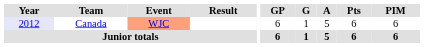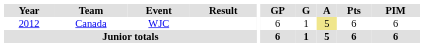 <table border="0" cellpadding="1" cellspacing="0" ID="Table3" style="text-align:center; width:40em">
 <tr ALIGN="center" bgcolor="#e0e0e0">
 <th>Year</th>
 <th>Team</th>
 <th>Event</th>
 <th>Result</th>
 <th rowspan="100" bgcolor="#ffffff"></th>
 <th>GP</th>
 <th>G</th>
 <th>A</th>
 <th>Pts</th>
 <th>PIM</th>
 </tr>
 <tr style="text-align:center;">
-<td style="background: lavender;"><a href='#'>2012</a></td>
+<td><a href='#'>2012</a></td>
 <td><a href='#'>Canada</a></td>
-<td style="background: lightsalmon;"><a href='#'>WJC</a></td>
+<td><a href='#'>WJC</a></td>
 <td></td>
 <td>6</td>
 <td>1</td>
-<td>5</td>
+<td style="background: khaki;">5</td>
 <td>6</td>
 <td>6</td>
 </tr>
 <tr style="background:#e0e0e0;">
 <th colspan="4">Junior totals</th>
 <th>6</th>
 <th>1</th>
 <th>5</th>
 <th>6</th>
 <th>6</th>
 </tr>
 </table>
